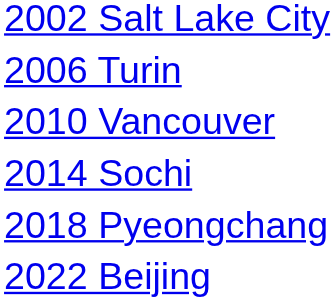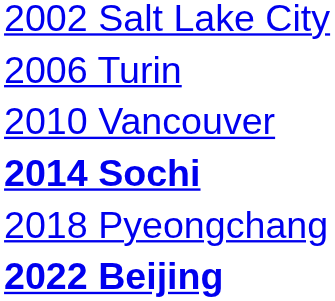 <table>
 <tr>
 <td><a href='#'>2002 Salt Lake City</a><br></td>
 <td></td>
 <td></td>
 <td></td>
 </tr>
 <tr>
 <td><a href='#'>2006 Turin</a><br></td>
 <td></td>
 <td></td>
 <td></td>
 </tr>
 <tr>
 <td><a href='#'>2010 Vancouver</a><br></td>
 <td></td>
 <td></td>
 <td></td>
 </tr>
 <tr>
-<td><a href='#'>2014 Sochi</a><br></td>
+<td><strong><a href='#'>2014 Sochi</a><br></strong></td>
 <td></td>
 <td></td>
 <td></td>
 </tr>
 <tr valign="top">
 <td><a href='#'>2018 Pyeongchang</a><br></td>
 <td></td>
 <td></td>
 <td></td>
 </tr>
 <tr>
-<td><a href='#'>2022 Beijing</a> <br></td>
+<td><strong><a href='#'>2022 Beijing</a> <br></strong></td>
 <td></td>
 <td></td>
 <td></td>
 </tr>
 <tr>
 </tr>
 </table>
